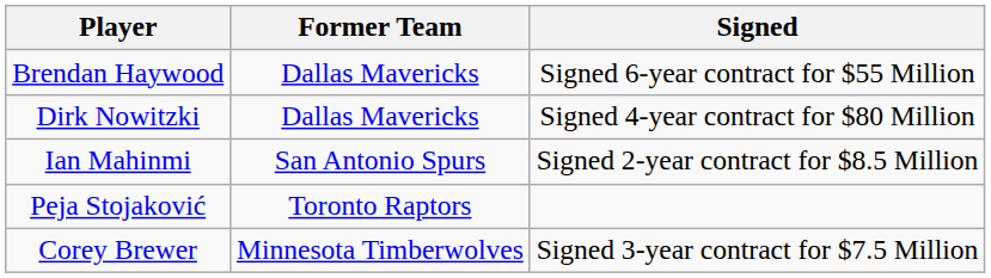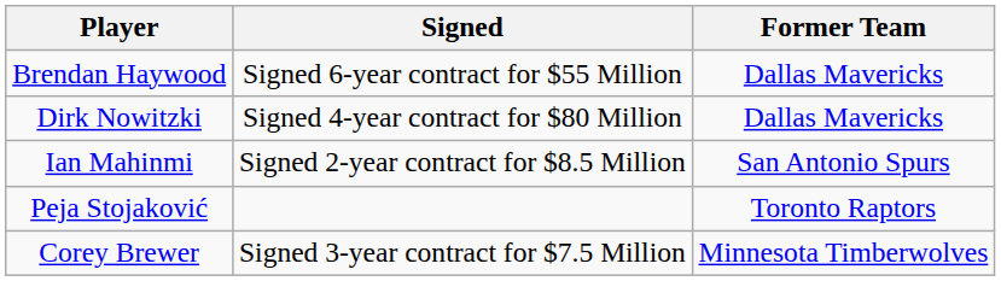 <table class="wikitable sortable sortable">
 <tr>
 <th>Player</th>
+<th>Signed</th>
 <th>Former Team</th>
-<th>Signed</th>
 </tr>
 <tr style="text-align: center">
 <td><a href='#'>Brendan Haywood</a></td>
+<td>Signed 6-year contract for $55 Million</td>
 <td><a href='#'>Dallas Mavericks</a></td>
-<td>Signed 6-year contract for $55 Million</td>
 </tr>
 <tr style="text-align: center">
 <td><a href='#'>Dirk Nowitzki</a></td>
+<td>Signed 4-year contract for $80 Million</td>
 <td><a href='#'>Dallas Mavericks</a></td>
-<td>Signed 4-year contract for $80 Million</td>
 </tr>
 <tr style="text-align: center">
 <td><a href='#'>Ian Mahinmi</a></td>
+<td>Signed 2-year contract for $8.5 Million</td>
 <td><a href='#'>San Antonio Spurs</a></td>
-<td>Signed 2-year contract for $8.5 Million</td>
 </tr>
 <tr style="text-align: center">
 <td><a href='#'>Peja Stojaković</a></td>
+<td></td>
 <td><a href='#'>Toronto Raptors</a></td>
-<td></td>
 </tr>
 <tr style="text-align: center">
 <td><a href='#'>Corey Brewer</a></td>
+<td>Signed 3-year contract for $7.5 Million</td>
 <td><a href='#'>Minnesota Timberwolves</a></td>
-<td>Signed 3-year contract for $7.5 Million</td>
 </tr>
 </table>
